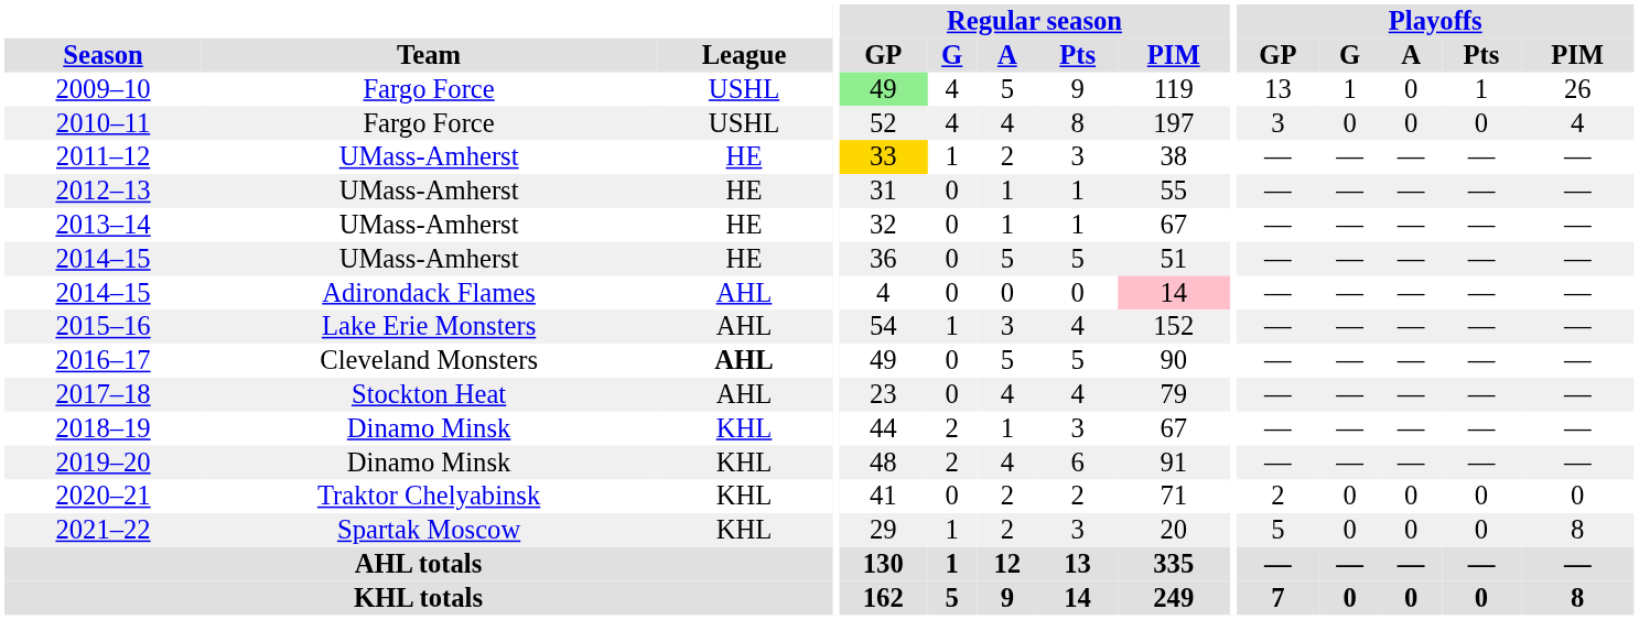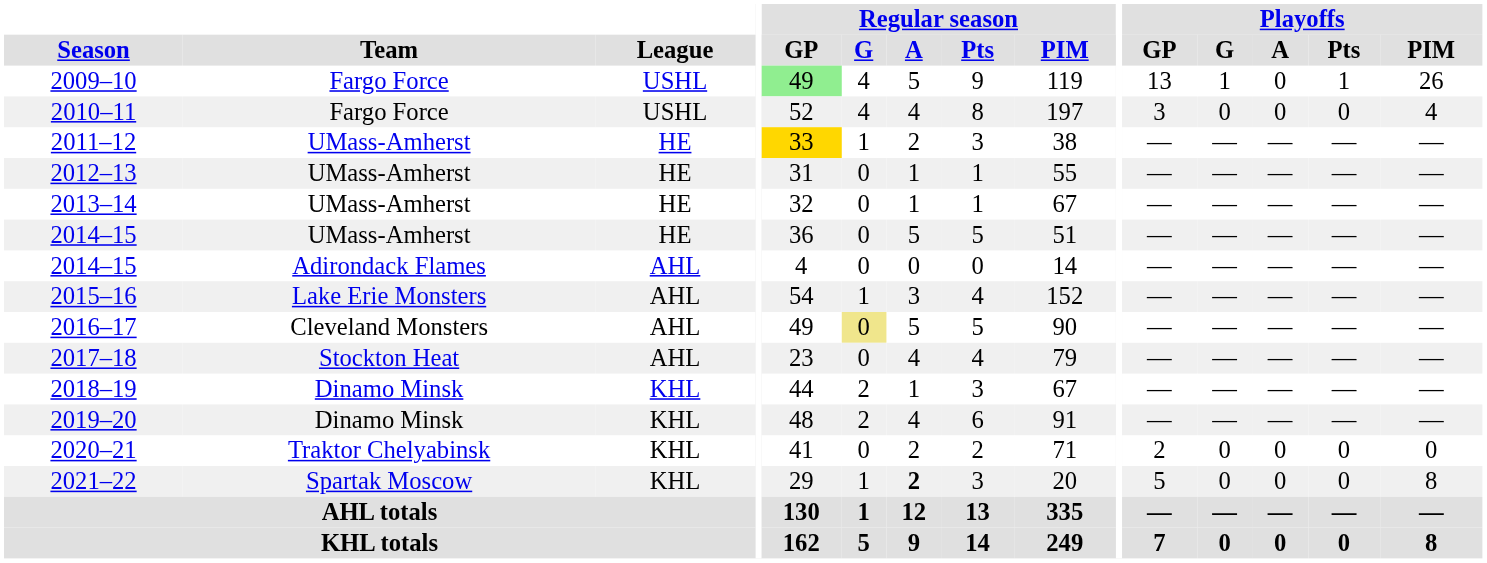 <table border="0" cellpadding="1" cellspacing="0" style="text-align:center; width:60em">
 <tr bgcolor="#e0e0e0">
 <th colspan="3" bgcolor="#ffffff"></th>
 <th rowspan="99" bgcolor="#ffffff"></th>
 <th colspan="5"><a href='#'>Regular season</a></th>
 <th rowspan="99" bgcolor="#ffffff"></th>
 <th colspan="5"><a href='#'>Playoffs</a></th>
 </tr>
 <tr bgcolor="#e0e0e0">
 <th><a href='#'>Season</a></th>
 <th>Team</th>
 <th>League</th>
 <th>GP</th>
 <th><a href='#'>G</a></th>
 <th><a href='#'>A</a></th>
 <th><a href='#'>Pts</a></th>
 <th><a href='#'>PIM</a></th>
 <th>GP</th>
 <th>G</th>
 <th>A</th>
 <th>Pts</th>
 <th>PIM</th>
 </tr>
 <tr>
 <td><a href='#'>2009–10</a></td>
 <td><a href='#'>Fargo Force</a></td>
 <td><a href='#'>USHL</a></td>
 <td style="background: lightgreen;">49</td>
 <td>4</td>
 <td>5</td>
 <td>9</td>
 <td>119</td>
 <td>13</td>
 <td>1</td>
 <td>0</td>
 <td>1</td>
 <td>26</td>
 </tr>
 <tr bgcolor="#f0f0f0">
 <td><a href='#'>2010–11</a></td>
 <td>Fargo Force</td>
 <td>USHL</td>
 <td>52</td>
 <td>4</td>
 <td>4</td>
 <td>8</td>
 <td>197</td>
 <td>3</td>
 <td>0</td>
 <td>0</td>
 <td>0</td>
 <td>4</td>
 </tr>
 <tr>
 <td><a href='#'>2011–12</a></td>
 <td><a href='#'>UMass-Amherst</a></td>
 <td><a href='#'>HE</a></td>
 <td style="background: gold;">33</td>
 <td>1</td>
 <td>2</td>
 <td>3</td>
 <td>38</td>
 <td>—</td>
 <td>—</td>
 <td>—</td>
 <td>—</td>
 <td>—</td>
 </tr>
 <tr bgcolor="#f0f0f0">
 <td><a href='#'>2012–13</a></td>
 <td>UMass-Amherst</td>
 <td>HE</td>
 <td>31</td>
 <td>0</td>
 <td>1</td>
 <td>1</td>
 <td>55</td>
 <td>—</td>
 <td>—</td>
 <td>—</td>
 <td>—</td>
 <td>—</td>
 </tr>
 <tr>
 <td><a href='#'>2013–14</a></td>
 <td>UMass-Amherst</td>
 <td>HE</td>
 <td>32</td>
 <td>0</td>
 <td>1</td>
 <td>1</td>
 <td>67</td>
 <td>—</td>
 <td>—</td>
 <td>—</td>
 <td>—</td>
 <td>—</td>
 </tr>
 <tr bgcolor="#f0f0f0">
 <td><a href='#'>2014–15</a></td>
 <td>UMass-Amherst</td>
 <td>HE</td>
 <td>36</td>
 <td>0</td>
 <td>5</td>
 <td>5</td>
 <td>51</td>
 <td>—</td>
 <td>—</td>
 <td>—</td>
 <td>—</td>
 <td>—</td>
 </tr>
 <tr>
 <td><a href='#'>2014–15</a></td>
 <td><a href='#'>Adirondack Flames</a></td>
 <td><a href='#'>AHL</a></td>
 <td>4</td>
 <td>0</td>
 <td>0</td>
 <td>0</td>
-<td style="background: pink;">14</td>
+<td>14</td>
 <td>—</td>
 <td>—</td>
 <td>—</td>
 <td>—</td>
 <td>—</td>
 </tr>
 <tr bgcolor="#f0f0f0">
 <td><a href='#'>2015–16</a></td>
 <td><a href='#'>Lake Erie Monsters</a></td>
 <td>AHL</td>
 <td>54</td>
 <td>1</td>
 <td>3</td>
 <td>4</td>
 <td>152</td>
 <td>—</td>
 <td>—</td>
 <td>—</td>
 <td>—</td>
 <td>—</td>
 </tr>
 <tr>
 <td><a href='#'>2016–17</a></td>
 <td>Cleveland Monsters</td>
-<td><strong>AHL</strong></td>
+<td>AHL</td>
 <td>49</td>
-<td>0</td>
+<td style="background: khaki;">0</td>
 <td>5</td>
 <td>5</td>
 <td>90</td>
 <td>—</td>
 <td>—</td>
 <td>—</td>
 <td>—</td>
 <td>—</td>
 </tr>
 <tr bgcolor="#f0f0f0">
 <td><a href='#'>2017–18</a></td>
 <td><a href='#'>Stockton Heat</a></td>
 <td>AHL</td>
 <td>23</td>
 <td>0</td>
 <td>4</td>
 <td>4</td>
 <td>79</td>
 <td>—</td>
 <td>—</td>
 <td>—</td>
 <td>—</td>
 <td>—</td>
 </tr>
 <tr>
 <td><a href='#'>2018–19</a></td>
 <td><a href='#'>Dinamo Minsk</a></td>
 <td><a href='#'>KHL</a></td>
 <td>44</td>
 <td>2</td>
 <td>1</td>
 <td>3</td>
 <td>67</td>
 <td>—</td>
 <td>—</td>
 <td>—</td>
 <td>—</td>
 <td>—</td>
 </tr>
 <tr bgcolor="#f0f0f0">
 <td><a href='#'>2019–20</a></td>
 <td>Dinamo Minsk</td>
 <td>KHL</td>
 <td>48</td>
 <td>2</td>
 <td>4</td>
 <td>6</td>
 <td>91</td>
 <td>—</td>
 <td>—</td>
 <td>—</td>
 <td>—</td>
 <td>—</td>
 </tr>
 <tr>
 <td><a href='#'>2020–21</a></td>
 <td><a href='#'>Traktor Chelyabinsk</a></td>
 <td>KHL</td>
 <td>41</td>
 <td>0</td>
 <td>2</td>
 <td>2</td>
 <td>71</td>
 <td>2</td>
 <td>0</td>
 <td>0</td>
 <td>0</td>
 <td>0</td>
 </tr>
 <tr bgcolor="#f0f0f0">
 <td><a href='#'>2021–22</a></td>
 <td><a href='#'>Spartak Moscow</a></td>
 <td>KHL</td>
 <td>29</td>
 <td>1</td>
-<td>2</td>
+<td><strong>2</strong></td>
 <td>3</td>
 <td>20</td>
 <td>5</td>
 <td>0</td>
 <td>0</td>
 <td>0</td>
 <td>8</td>
 </tr>
 <tr bgcolor="#e0e0e0">
 <th colspan="3">AHL totals</th>
 <th>130</th>
 <th>1</th>
 <th>12</th>
 <th>13</th>
 <th>335</th>
 <th>—</th>
 <th>—</th>
 <th>—</th>
 <th>—</th>
 <th>—</th>
 </tr>
 <tr bgcolor="#e0e0e0">
 <th colspan="3">KHL totals</th>
 <th>162</th>
 <th>5</th>
 <th>9</th>
 <th>14</th>
 <th>249</th>
 <th>7</th>
 <th>0</th>
 <th>0</th>
 <th>0</th>
 <th>8</th>
 </tr>
 </table>
